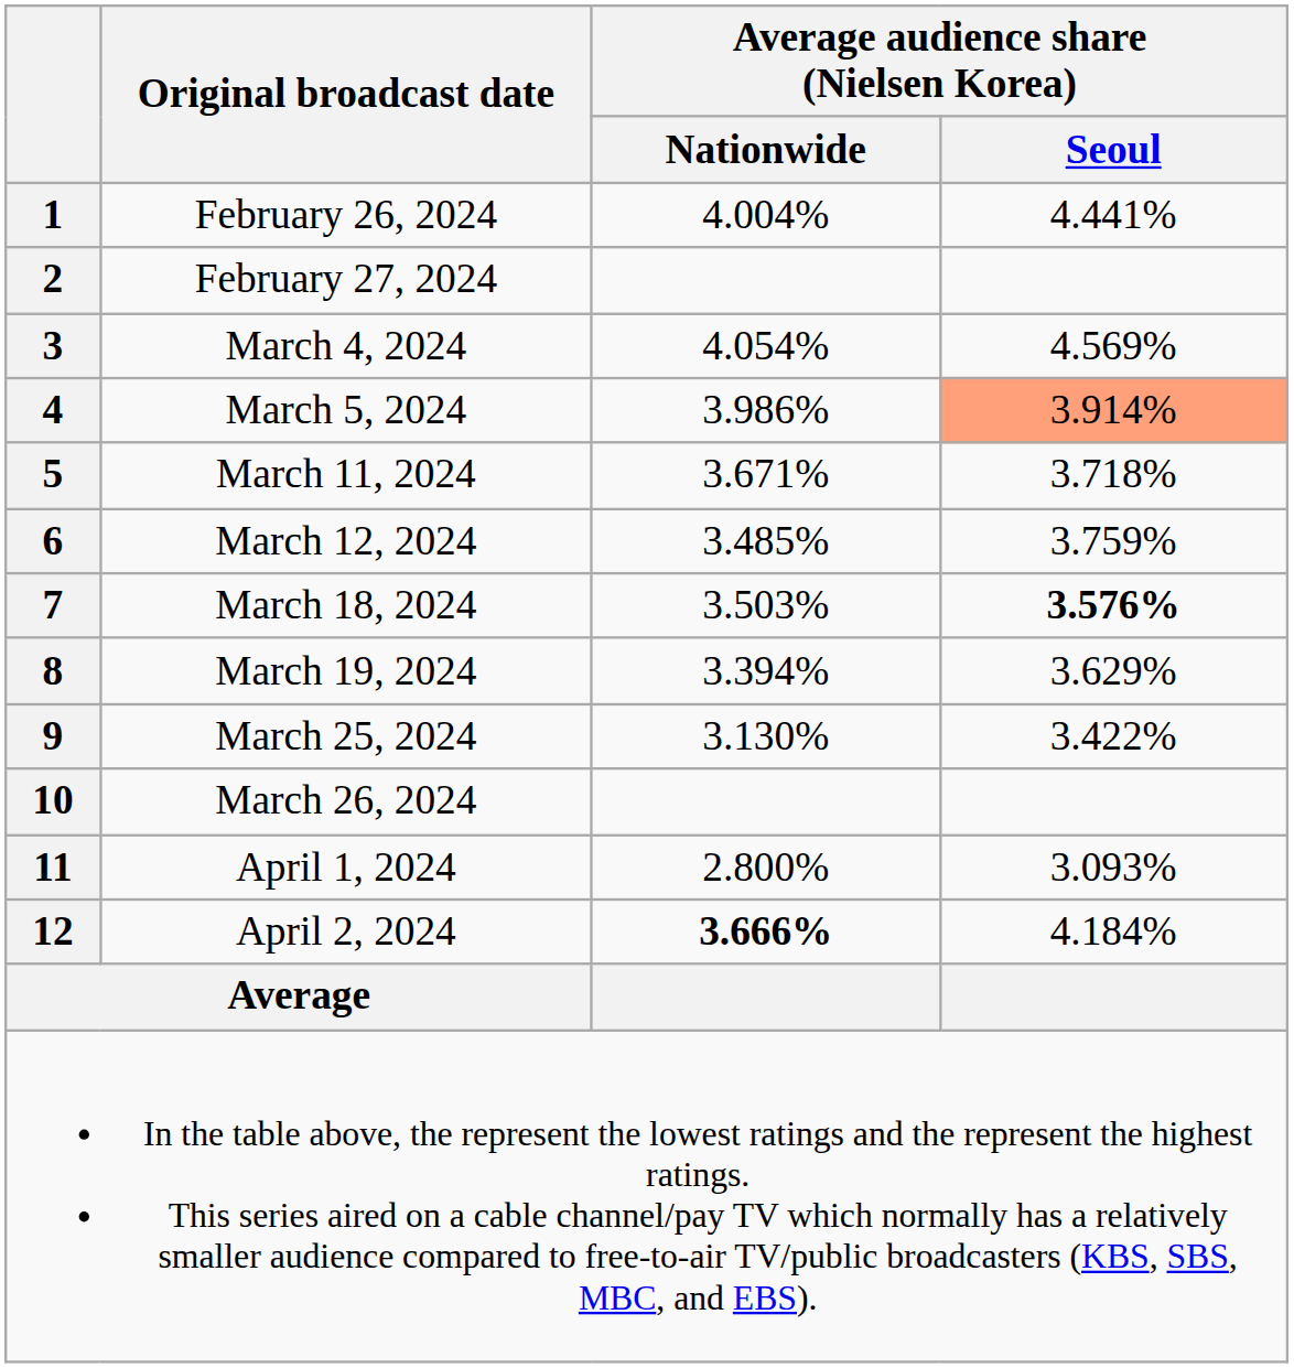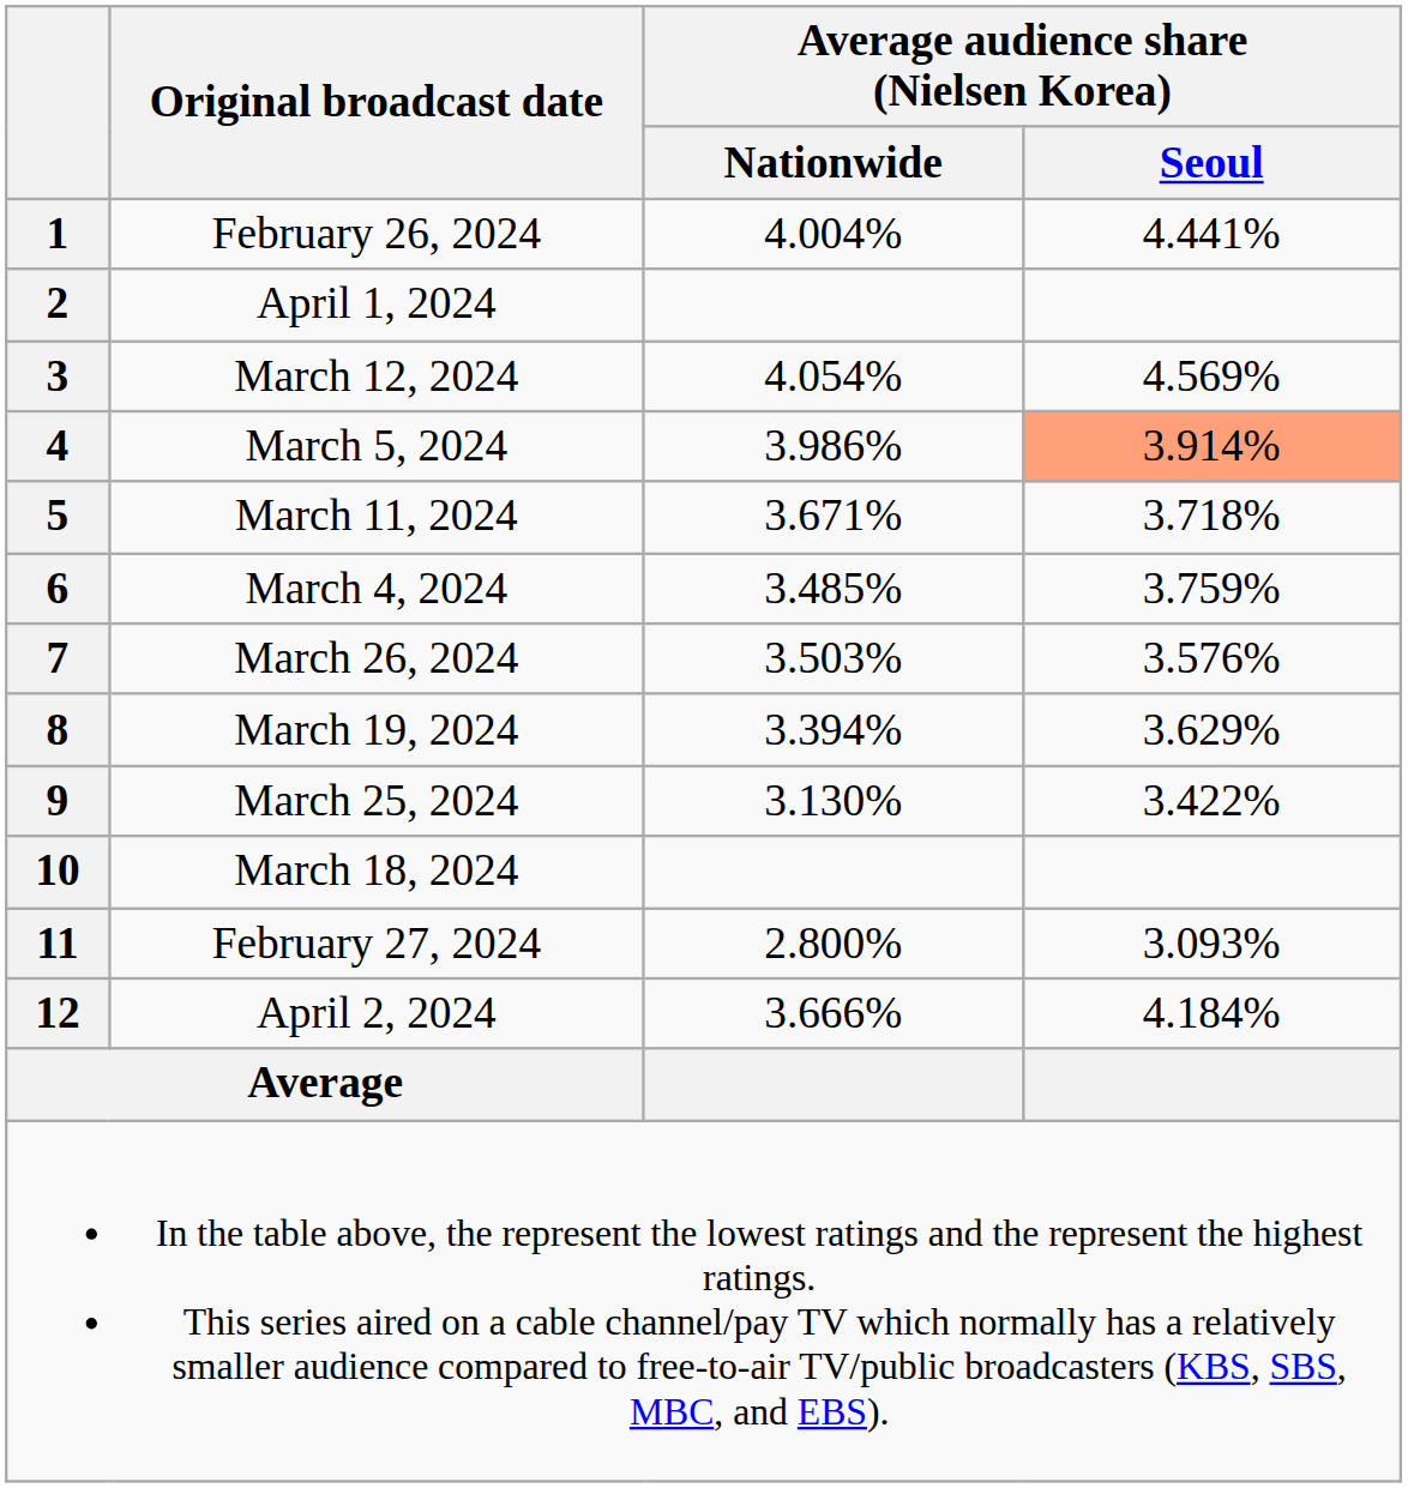 <table class="wikitable" style="margin-left:auto; margin-right:auto; width:500px; text-align:center">
 <tr>
 <th scope="col" rowspan="2"></th>
 <th scope="col" rowspan="2">Original broadcast date</th>
 <th scope="col" colspan="2">Average audience share<br>(Nielsen Korea)</th>
 </tr>
 <tr>
 <th scope="col" style="width:8em">Nationwide</th>
 <th scope="col" style="width:8em"><a href='#'>Seoul</a></th>
 </tr>
 <tr>
 <th scope="row">1</th>
 <td>February 26, 2024</td>
 <td>4.004% </td>
 <td>4.441% </td>
 </tr>
 <tr>
 <th scope="row">2</th>
-<td>February 27, 2024</td>
+<td>April 1, 2024</td>
 <td><strong></strong> </td>
 <td><strong></strong> </td>
 </tr>
 <tr>
 <th scope="row">3</th>
-<td>March 4, 2024</td>
+<td>March 12, 2024</td>
 <td>4.054% </td>
 <td>4.569% </td>
 </tr>
 <tr>
 <th scope="row">4</th>
 <td>March 5, 2024</td>
 <td>3.986% </td>
 <td style="background: lightsalmon;">3.914% </td>
 </tr>
 <tr>
 <th scope="row">5</th>
 <td>March 11, 2024</td>
 <td>3.671% </td>
 <td>3.718% </td>
 </tr>
 <tr>
 <th scope="row">6</th>
-<td>March 12, 2024</td>
+<td>March 4, 2024</td>
 <td>3.485% </td>
 <td>3.759% </td>
 </tr>
 <tr>
 <th scope="row">7</th>
-<td>March 18, 2024</td>
+<td>March 26, 2024</td>
 <td>3.503% </td>
-<td><strong>3.576% </strong></td>
+<td>3.576% </td>
 </tr>
 <tr>
 <th scope="row">8</th>
 <td>March 19, 2024</td>
 <td>3.394% </td>
 <td>3.629% </td>
 </tr>
 <tr>
 <th scope="row">9</th>
 <td>March 25, 2024</td>
 <td>3.130% </td>
 <td>3.422% </td>
 </tr>
 <tr>
 <th scope="row">10</th>
-<td>March 26, 2024</td>
+<td>March 18, 2024</td>
 <td><strong></strong> </td>
 <td><strong></strong> </td>
 </tr>
 <tr>
 <th scope="row">11</th>
-<td>April 1, 2024</td>
+<td>February 27, 2024</td>
 <td>2.800% </td>
 <td>3.093% </td>
 </tr>
 <tr>
 <th scope="row">12</th>
 <td>April 2, 2024</td>
-<td><strong>3.666% </strong></td>
+<td>3.666% </td>
 <td>4.184% </td>
 </tr>
 <tr>
 <th scope="col" colspan="2">Average</th>
 <th scope="col"></th>
 <th scope="col"></th>
 </tr>
 <tr>
 <td colspan="4" style="font-size:85%"><br><ul><li>In the table above, the <strong></strong> represent the lowest ratings and the <strong></strong> represent the highest ratings.</li><li>This series aired on a cable channel/pay TV which normally has a relatively smaller audience compared to free-to-air TV/public broadcasters (<a href='#'>KBS</a>, <a href='#'>SBS</a>, <a href='#'>MBC</a>, and <a href='#'>EBS</a>).</li></ul></td>
 </tr>
 </table>
